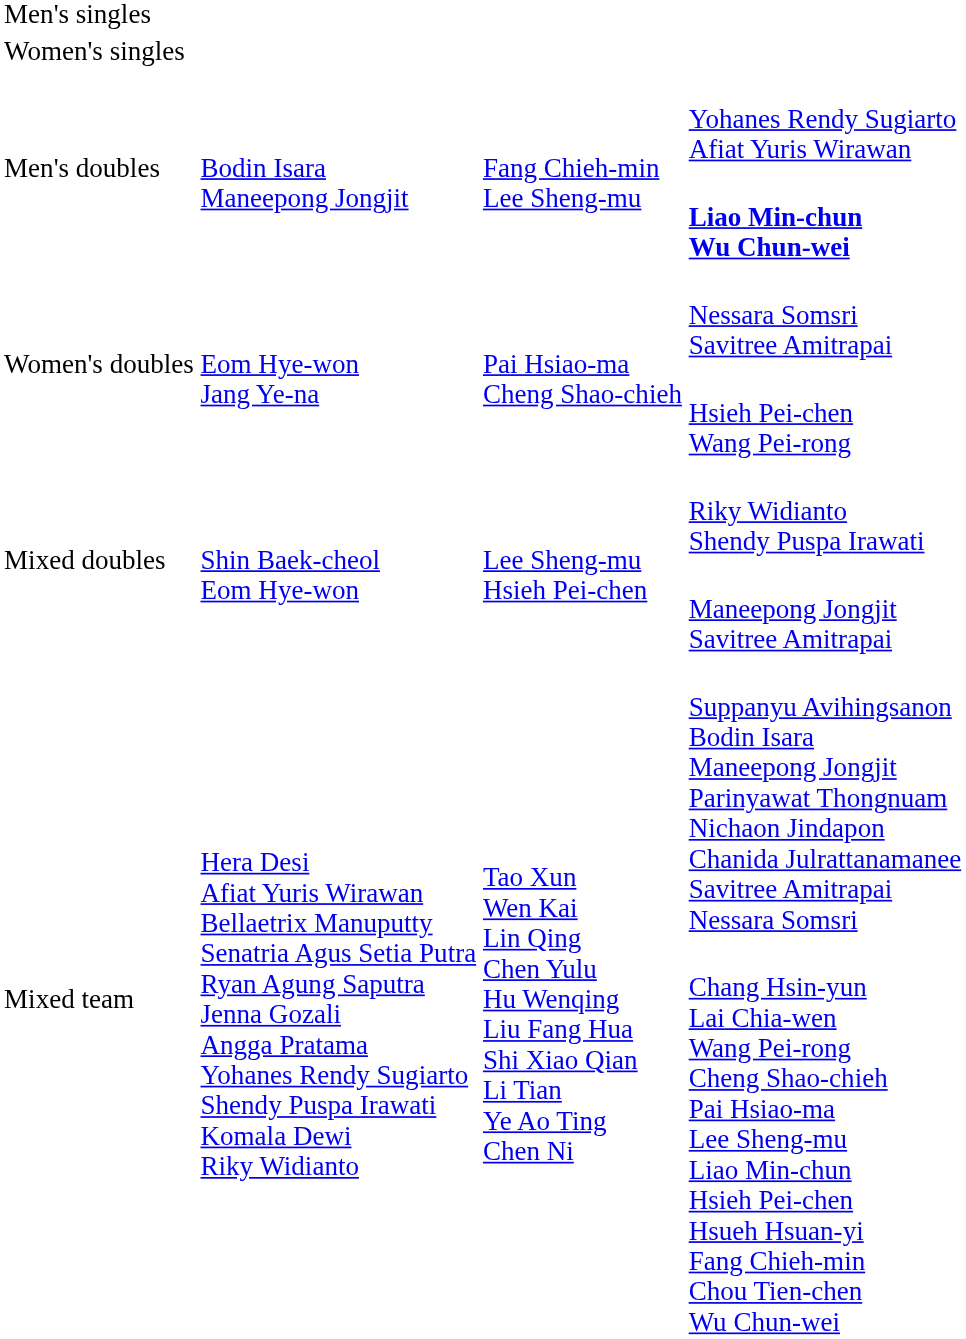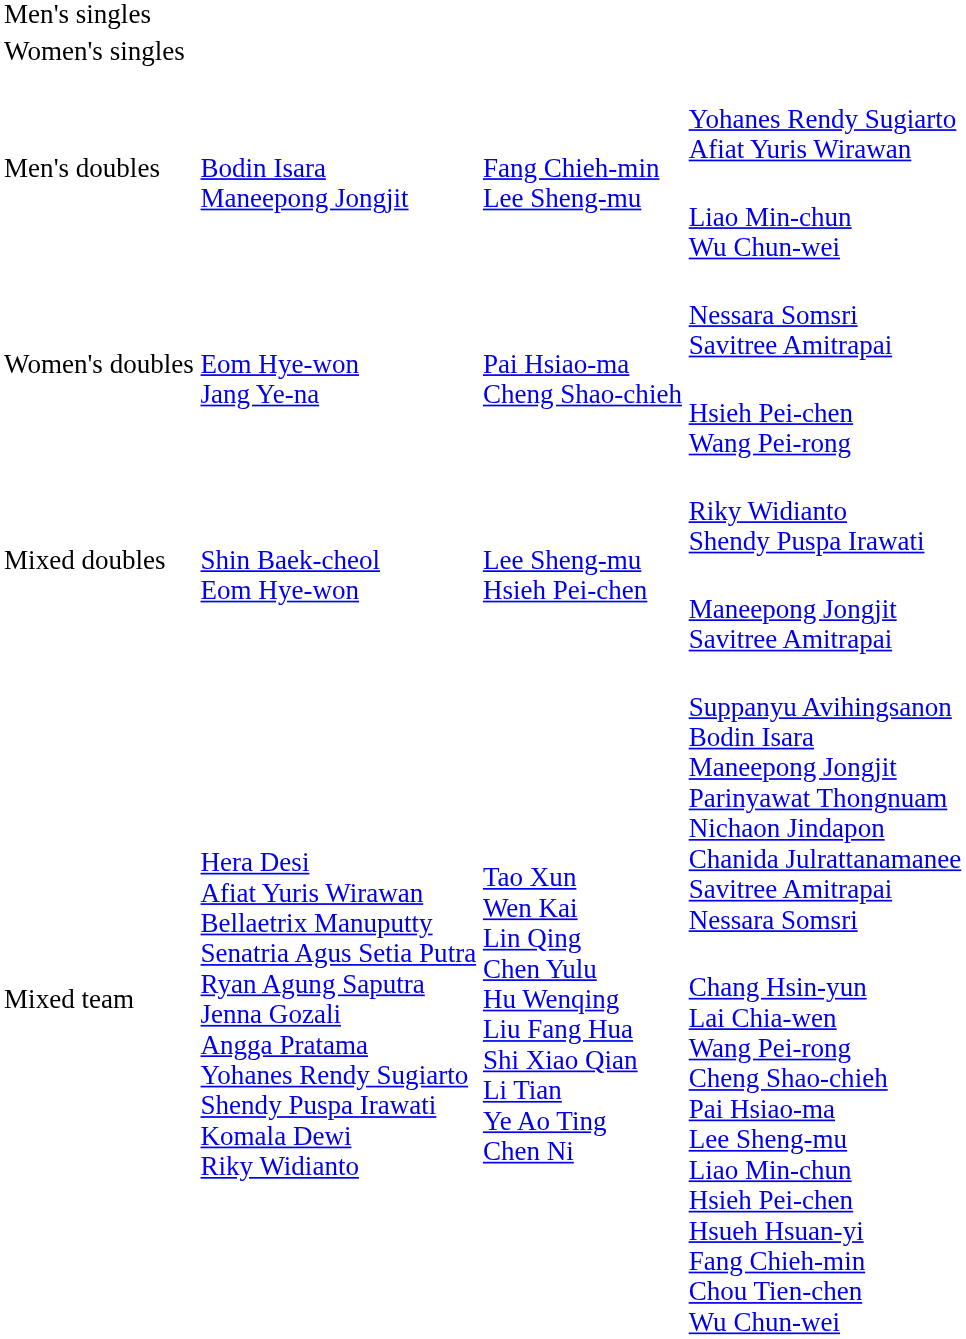 <table>
 <tr>
 <td rowspan=2>Men's singles<br></td>
 <td rowspan=2></td>
 <td rowspan=2></td>
 <td></td>
 </tr>
 <tr>
 <td></td>
 </tr>
 <tr>
 <td rowspan=2>Women's singles<br></td>
 <td rowspan=2></td>
 <td rowspan=2></td>
 <td></td>
 </tr>
 <tr>
 <td></td>
 </tr>
 <tr>
 <td rowspan=2>Men's doubles<br></td>
 <td rowspan=2><br><a href='#'>Bodin Isara</a> <br><a href='#'>Maneepong Jongjit</a></td>
 <td rowspan=2><br><a href='#'>Fang Chieh-min</a> <br><a href='#'>Lee Sheng-mu</a></td>
 <td><br><a href='#'>Yohanes Rendy Sugiarto</a> <br><a href='#'>Afiat Yuris Wirawan</a></td>
 </tr>
 <tr>
-<td><strong><br><a href='#'>Liao Min-chun</a> <br><a href='#'>Wu Chun-wei</a></strong></td>
+<td><br><a href='#'>Liao Min-chun</a> <br><a href='#'>Wu Chun-wei</a></td>
 </tr>
 <tr>
 <td rowspan=2>Women's doubles<br></td>
 <td rowspan=2><br><a href='#'>Eom Hye-won</a> <br><a href='#'>Jang Ye-na</a></td>
 <td rowspan=2><br><a href='#'>Pai Hsiao-ma</a> <br><a href='#'>Cheng Shao-chieh</a></td>
 <td><br><a href='#'>Nessara Somsri</a> <br><a href='#'>Savitree Amitrapai</a></td>
 </tr>
 <tr>
 <td><br><a href='#'>Hsieh Pei-chen</a> <br><a href='#'>Wang Pei-rong</a></td>
 </tr>
 <tr>
 <td rowspan=2>Mixed doubles<br></td>
 <td rowspan=2><br><a href='#'>Shin Baek-cheol</a> <br><a href='#'>Eom Hye-won</a></td>
 <td rowspan=2><br><a href='#'>Lee Sheng-mu</a> <br><a href='#'>Hsieh Pei-chen</a></td>
 <td><br><a href='#'>Riky Widianto</a> <br><a href='#'>Shendy Puspa Irawati</a></td>
 </tr>
 <tr>
 <td><br><a href='#'>Maneepong Jongjit</a> <br><a href='#'>Savitree Amitrapai</a></td>
 </tr>
 <tr>
 <td rowspan=2>Mixed team<br></td>
 <td rowspan=2><br><a href='#'>Hera Desi</a> <br><a href='#'>Afiat Yuris Wirawan</a><br><a href='#'>Bellaetrix Manuputty</a><br><a href='#'>Senatria Agus Setia Putra</a><br><a href='#'>Ryan Agung Saputra</a><br><a href='#'>Jenna Gozali</a><br><a href='#'>Angga Pratama</a><br><a href='#'>Yohanes Rendy Sugiarto</a><br><a href='#'>Shendy Puspa Irawati</a><br><a href='#'>Komala Dewi</a><br><a href='#'>Riky Widianto</a></td>
 <td rowspan=2><br><a href='#'>Tao Xun</a> <br><a href='#'>Wen Kai</a><br><a href='#'>Lin Qing</a><br><a href='#'>Chen Yulu</a><br><a href='#'>Hu Wenqing</a><br><a href='#'>Liu Fang Hua</a><br><a href='#'>Shi Xiao Qian</a><br><a href='#'>Li Tian</a><br><a href='#'>Ye Ao Ting</a><br><a href='#'>Chen Ni</a></td>
 <td><br><a href='#'>Suppanyu Avihingsanon</a> <br><a href='#'>Bodin Isara</a><br><a href='#'>Maneepong Jongjit</a><br><a href='#'>Parinyawat Thongnuam</a><br><a href='#'>Nichaon Jindapon</a><br><a href='#'>Chanida Julrattanamanee</a><br><a href='#'>Savitree Amitrapai</a><br><a href='#'>Nessara Somsri</a></td>
 </tr>
 <tr>
 <td><br><a href='#'>Chang Hsin-yun</a> <br><a href='#'>Lai Chia-wen</a><br><a href='#'>Wang Pei-rong</a><br><a href='#'>Cheng Shao-chieh</a><br><a href='#'>Pai Hsiao-ma</a><br><a href='#'>Lee Sheng-mu</a><br><a href='#'>Liao Min-chun</a><br><a href='#'>Hsieh Pei-chen</a><br><a href='#'>Hsueh Hsuan-yi</a><br><a href='#'>Fang Chieh-min</a><br><a href='#'>Chou Tien-chen</a><br><a href='#'>Wu Chun-wei</a></td>
 </tr>
 </table>
